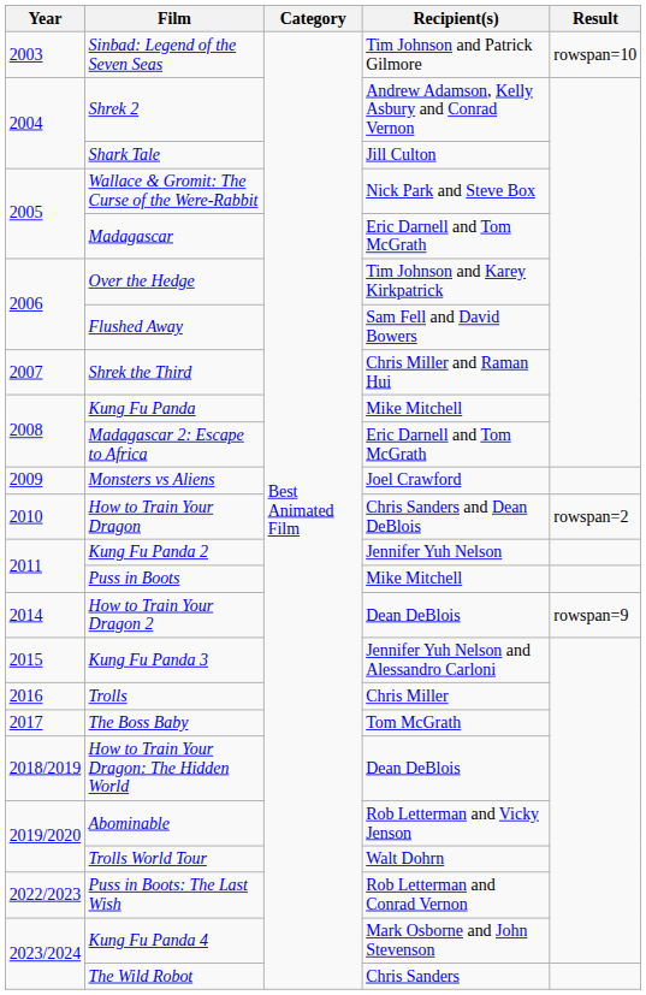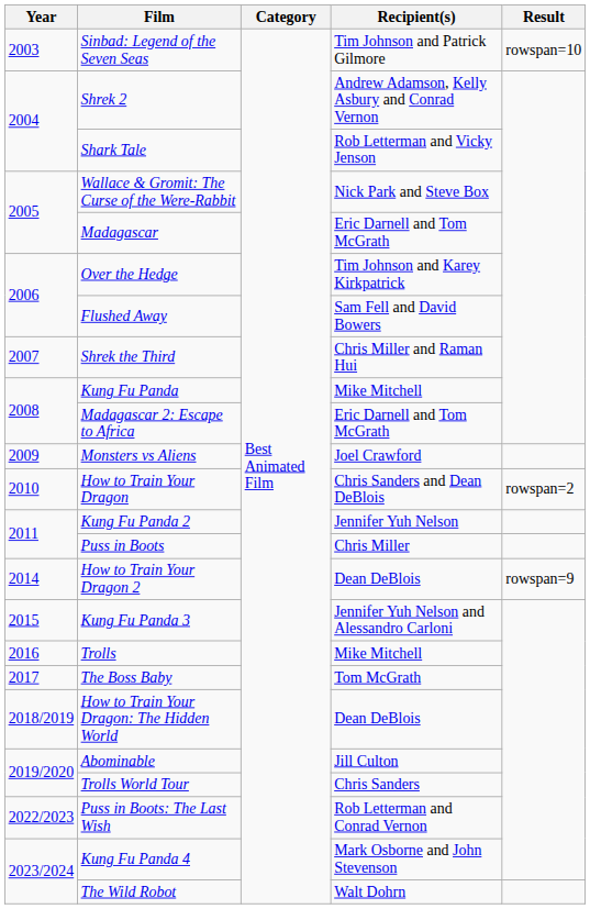 <table class="wikitable">
 <tr>
 <th>Year</th>
 <th>Film</th>
 <th>Category</th>
 <th>Recipient(s)</th>
 <th>Result</th>
 </tr>
 <tr>
 <td><a href='#'>2003</a></td>
 <td><em><a href='#'>Sinbad: Legend of the Seven Seas</a></em></td>
 <td rowspan=24><a href='#'>Best Animated Film</a></td>
 <td><a href='#'>Tim Johnson</a> and Patrick Gilmore</td>
 <td>rowspan=10 </td>
 </tr>
 <tr>
 <td rowspan=2><a href='#'>2004</a></td>
 <td><em><a href='#'>Shrek 2</a></em></td>
 <td><a href='#'>Andrew Adamson</a>, <a href='#'>Kelly Asbury</a> and <a href='#'>Conrad Vernon</a></td>
 </tr>
 <tr>
 <td><em><a href='#'>Shark Tale</a></em></td>
-<td><a href='#'>Jill Culton</a></td>
+<td><a href='#'>Rob Letterman</a> and <a href='#'>Vicky Jenson</a></td>
 </tr>
 <tr>
 <td rowspan=2><a href='#'>2005</a></td>
 <td><em><a href='#'>Wallace & Gromit: The Curse of the Were-Rabbit</a></em></td>
 <td><a href='#'>Nick Park</a> and <a href='#'>Steve Box</a></td>
 </tr>
 <tr>
 <td><em><a href='#'>Madagascar</a></em></td>
 <td><a href='#'>Eric Darnell</a> and <a href='#'>Tom McGrath</a></td>
 </tr>
 <tr>
 <td rowspan=2><a href='#'>2006</a></td>
 <td><em><a href='#'>Over the Hedge</a></em></td>
 <td><a href='#'>Tim Johnson</a> and <a href='#'>Karey Kirkpatrick</a></td>
 </tr>
 <tr>
 <td><em><a href='#'>Flushed Away</a></em></td>
 <td><a href='#'>Sam Fell</a> and <a href='#'>David Bowers</a></td>
 </tr>
 <tr>
 <td><a href='#'>2007</a></td>
 <td><em><a href='#'>Shrek the Third</a></em></td>
 <td><a href='#'>Chris Miller</a> and <a href='#'>Raman Hui</a></td>
 </tr>
 <tr>
 <td rowspan=2><a href='#'>2008</a></td>
 <td><em><a href='#'>Kung Fu Panda</a></em></td>
 <td><a href='#'>Mike Mitchell</a></td>
 </tr>
 <tr>
 <td><em><a href='#'>Madagascar 2: Escape to Africa</a></em></td>
 <td><a href='#'>Eric Darnell</a> and <a href='#'>Tom McGrath</a></td>
 </tr>
 <tr>
 <td><a href='#'>2009</a></td>
 <td><em><a href='#'>Monsters vs Aliens</a></em></td>
 <td><a href='#'>Joel Crawford</a></td>
 <td></td>
 </tr>
 <tr>
 <td><a href='#'>2010</a></td>
 <td><em><a href='#'>How to Train Your Dragon</a></em></td>
 <td><a href='#'>Chris Sanders</a> and <a href='#'>Dean DeBlois</a></td>
 <td>rowspan=2 </td>
 </tr>
 <tr>
 <td rowspan=2><a href='#'>2011</a></td>
 <td><em><a href='#'>Kung Fu Panda 2</a></em></td>
 <td><a href='#'>Jennifer Yuh Nelson</a></td>
 </tr>
 <tr>
 <td><em><a href='#'>Puss in Boots</a></em></td>
-<td><a href='#'>Mike Mitchell</a></td>
+<td><a href='#'>Chris Miller</a></td>
 <td></td>
 </tr>
 <tr>
 <td><a href='#'>2014</a></td>
 <td><em><a href='#'>How to Train Your Dragon 2</a></em></td>
 <td><a href='#'>Dean DeBlois</a></td>
 <td>rowspan=9 </td>
 </tr>
 <tr>
 <td><a href='#'>2015</a></td>
 <td><em><a href='#'>Kung Fu Panda 3</a></em></td>
 <td><a href='#'>Jennifer Yuh Nelson</a> and <a href='#'>Alessandro Carloni</a></td>
 </tr>
 <tr>
 <td><a href='#'>2016</a></td>
 <td><em><a href='#'>Trolls</a></em></td>
-<td><a href='#'>Chris Miller</a></td>
+<td><a href='#'>Mike Mitchell</a></td>
 </tr>
 <tr>
 <td><a href='#'>2017</a></td>
 <td><em><a href='#'>The Boss Baby</a></em></td>
 <td><a href='#'>Tom McGrath</a></td>
 </tr>
 <tr>
 <td><a href='#'>2018/2019</a></td>
 <td><em><a href='#'>How to Train Your Dragon: The Hidden World</a></em></td>
 <td><a href='#'>Dean DeBlois</a></td>
 </tr>
 <tr>
 <td rowspan=2><a href='#'>2019/2020</a></td>
 <td><em><a href='#'>Abominable</a></em></td>
-<td><a href='#'>Rob Letterman</a> and <a href='#'>Vicky Jenson</a></td>
+<td><a href='#'>Jill Culton</a></td>
 </tr>
 <tr>
 <td><em><a href='#'>Trolls World Tour</a></em></td>
-<td><a href='#'>Walt Dohrn</a></td>
+<td><a href='#'>Chris Sanders</a></td>
 </tr>
 <tr>
 <td><a href='#'>2022/2023</a></td>
 <td><em><a href='#'>Puss in Boots: The Last Wish</a></em></td>
 <td><a href='#'>Rob Letterman</a> and <a href='#'>Conrad Vernon</a></td>
 </tr>
 <tr>
 <td rowspan=2><a href='#'>2023/2024</a></td>
 <td><em><a href='#'>Kung Fu Panda 4</a></em></td>
 <td><a href='#'>Mark Osborne</a> and <a href='#'>John Stevenson</a></td>
 </tr>
 <tr>
 <td><em><a href='#'>The Wild Robot</a></em></td>
-<td><a href='#'>Chris Sanders</a></td>
+<td><a href='#'>Walt Dohrn</a></td>
 <td></td>
 </tr>
 </table>
